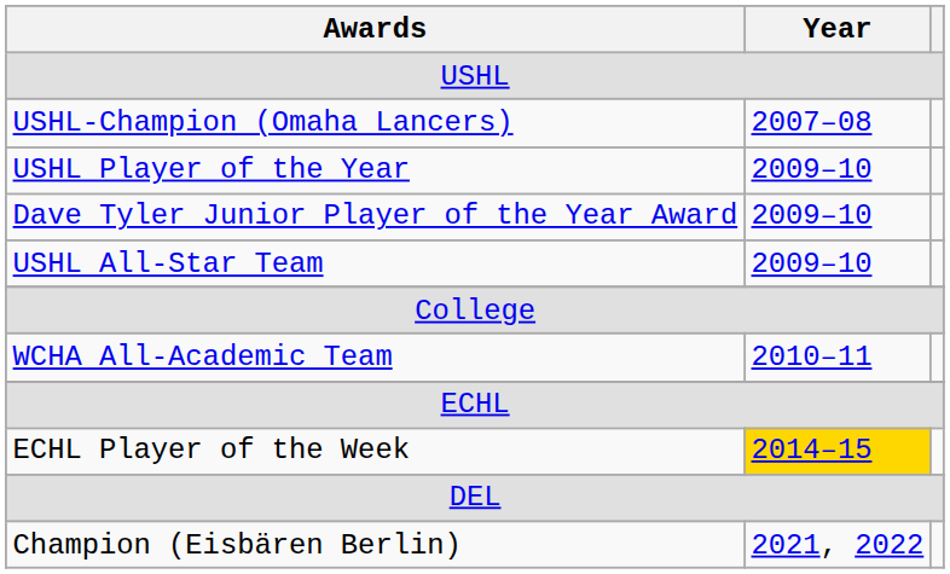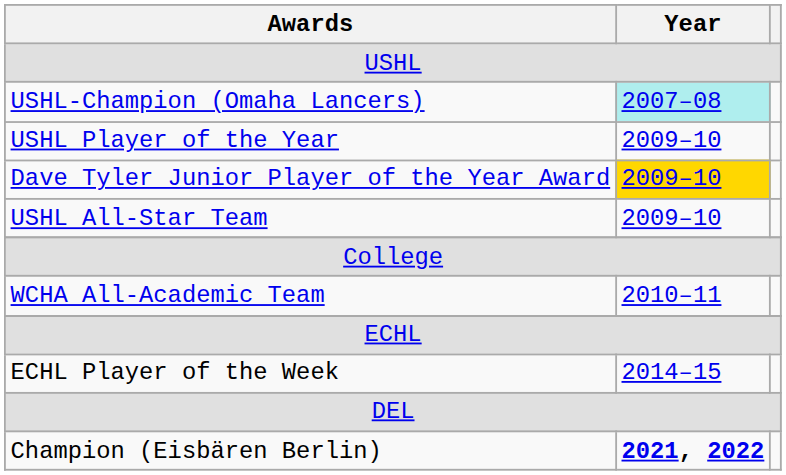 <table class="wikitable">
 <tr>
 <th>Awards</th>
 <th>Year</th>
 <th></th>
 </tr>
 <tr ALIGN="center" bgcolor="#e0e0e0">
 <td colspan="3"><a href='#'>USHL</a></td>
 </tr>
 <tr>
 <td><a href='#'>USHL-Champion (Omaha Lancers)</a></td>
-<td><a href='#'>2007–08</a></td>
+<td style="background: paleturquoise;"><a href='#'>2007–08</a></td>
 <td></td>
 </tr>
 <tr>
 <td><a href='#'>USHL Player of the Year</a></td>
 <td><a href='#'>2009–10</a></td>
 <td></td>
 </tr>
 <tr>
 <td><a href='#'>Dave Tyler Junior Player of the Year Award</a></td>
-<td><a href='#'>2009–10</a></td>
+<td style="background: gold;"><a href='#'>2009–10</a></td>
 <td></td>
 </tr>
 <tr>
 <td><a href='#'>USHL All-Star Team</a></td>
 <td><a href='#'>2009–10</a></td>
 <td></td>
 </tr>
 <tr>
 </tr>
 <tr ALIGN="center" bgcolor="#e0e0e0">
 <td colspan="3"><a href='#'>College</a></td>
 </tr>
 <tr>
 <td><a href='#'>WCHA All-Academic Team</a></td>
 <td><a href='#'>2010–11</a></td>
 <td></td>
 </tr>
 <tr>
 </tr>
 <tr ALIGN="center" bgcolor="#e0e0e0">
 <td colspan="3"><a href='#'>ECHL</a></td>
 </tr>
 <tr>
 <td>ECHL Player of the Week</td>
-<td style="background: gold;"><a href='#'>2014–15</a></td>
+<td><a href='#'>2014–15</a></td>
 <td></td>
 </tr>
 <tr ALIGN="center" bgcolor="#e0e0e0">
 <td colspan="3"><a href='#'>DEL</a></td>
 </tr>
 <tr>
 <td>Champion (Eisbären Berlin)</td>
-<td><a href='#'>2021</a>, <a href='#'>2022</a></td>
+<td><strong><a href='#'>2021</a>, <a href='#'>2022</a></strong></td>
 <td></td>
 </tr>
 </table>
